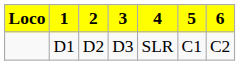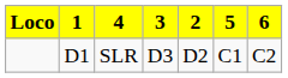 <table class="wikitable plainrowheaders unsortable" style="text-align:center">
 <tr>
 <th scope="col" rowspan="1" style="background:yellow;">Loco</th>
 <th scope="col" rowspan="1" style="background:yellow;">1</th>
+<th scope="col" rowspan="1" style="background:yellow;">4</th>
+<th scope="col" rowspan="1" style="background:yellow;">3</th>
 <th scope="col" rowspan="1" style="background:yellow;">2</th>
-<th scope="col" rowspan="1" style="background:yellow;">3</th>
-<th scope="col" rowspan="1" style="background:yellow;">4</th>
 <th scope="col" rowspan="1" style="background:yellow;">5</th>
 <th scope="col" rowspan="1" style="background:yellow;">6</th>
 </tr>
 <tr>
 <td></td>
 <td>D1</td>
+<td>SLR</td>
+<td>D3</td>
 <td>D2</td>
-<td>D3</td>
-<td>SLR</td>
 <td>C1</td>
 <td>C2</td>
 </tr>
 </table>
